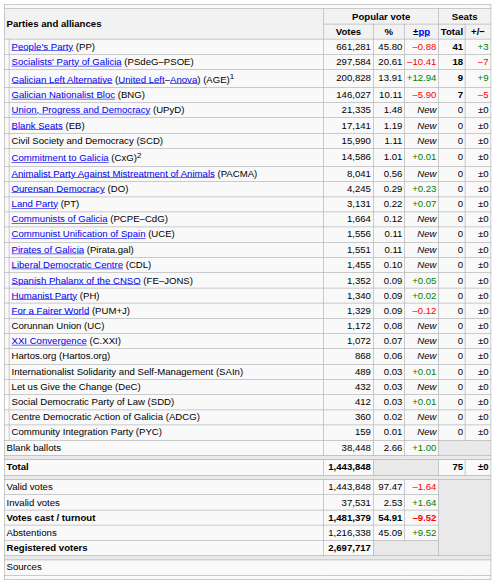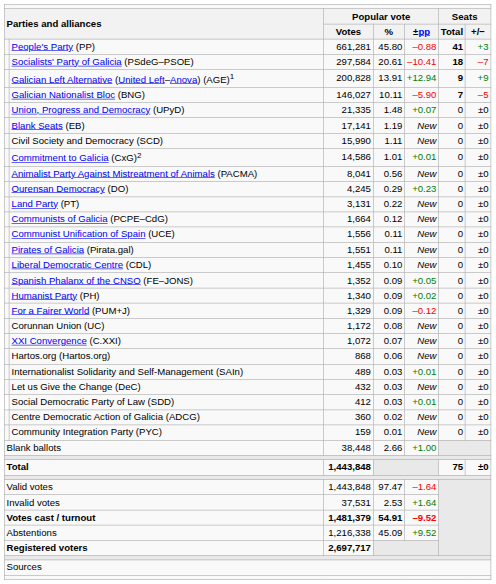 <table class="wikitable" style="text-align:right;">
 <tr>
 <td colspan="7"></td>
 </tr>
 <tr>
 <th style="text-align:left;" rowspan="2" colspan="2" width="525">Parties and alliances</th>
 <th colspan="3">Popular vote</th>
 <th colspan="2">Seats</th>
 </tr>
 <tr>
 <th width="75">Votes</th>
 <th width="45">%</th>
 <th width="45">±<a href='#'>pp</a></th>
 <th width="35">Total</th>
 <th width="35">+/−</th>
 </tr>
 <tr>
 <td width="1" style="color:inherit;background:"></td>
 <td align="left"><a href='#'>People's Party</a> (PP)</td>
 <td>661,281</td>
 <td>45.80</td>
 <td style="color:red;">–0.88</td>
 <td><strong>41</strong></td>
 <td style="color:green;">+3</td>
 </tr>
 <tr>
 <td style="color:inherit;background:"></td>
 <td align="left"><a href='#'>Socialists' Party of Galicia</a> (PSdeG–PSOE)</td>
 <td>297,584</td>
 <td>20.61</td>
 <td style="color:red;">–10.41</td>
 <td><strong>18</strong></td>
 <td style="color:red;">–7</td>
 </tr>
 <tr>
 <td style="color:inherit;background:"></td>
 <td align="left"><a href='#'>Galician Left Alternative</a> (<a href='#'>United Left</a>–<a href='#'>Anova</a>) (AGE)<sup>1</sup></td>
 <td>200,828</td>
 <td>13.91</td>
 <td style="color:green;">+12.94</td>
 <td><strong>9</strong></td>
 <td style="color:green;">+9</td>
 </tr>
 <tr>
 <td style="color:inherit;background:"></td>
 <td align="left"><a href='#'>Galician Nationalist Bloc</a> (BNG)</td>
 <td>146,027</td>
 <td>10.11</td>
 <td style="color:red;">–5.90</td>
 <td><strong>7</strong></td>
 <td style="color:red;">–5</td>
 </tr>
 <tr>
 <td style="color:inherit;background:"></td>
 <td align="left"><a href='#'>Union, Progress and Democracy</a> (UPyD)</td>
 <td>21,335</td>
 <td>1.48</td>
-<td><em>New</em></td>
+<td style="color:green;">+0.07</td>
 <td>0</td>
 <td>±0</td>
 </tr>
 <tr>
 <td style="color:inherit;background:"></td>
 <td align="left"><a href='#'>Blank Seats</a> (EB)</td>
 <td>17,141</td>
 <td>1.19</td>
 <td><em>New</em></td>
 <td>0</td>
 <td>±0</td>
 </tr>
 <tr>
 <td style="color:inherit;background:"></td>
 <td align="left">Civil Society and Democracy (SCD)</td>
 <td>15,990</td>
 <td>1.11</td>
 <td><em>New</em></td>
 <td>0</td>
 <td>±0</td>
 </tr>
 <tr>
 <td style="color:inherit;background:"></td>
 <td align="left"><a href='#'>Commitment to Galicia</a> (CxG)<sup>2</sup></td>
 <td>14,586</td>
 <td>1.01</td>
 <td style="color:green;">+0.01</td>
 <td>0</td>
 <td>±0</td>
 </tr>
 <tr>
 <td style="color:inherit;background:"></td>
 <td align="left"><a href='#'>Animalist Party Against Mistreatment of Animals</a> (PACMA)</td>
 <td>8,041</td>
 <td>0.56</td>
 <td><em>New</em></td>
 <td>0</td>
 <td>±0</td>
 </tr>
 <tr>
 <td style="color:inherit;background:"></td>
 <td align="left"><a href='#'>Ourensan Democracy</a> (DO)</td>
 <td>4,245</td>
 <td>0.29</td>
 <td style="color:green;">+0.23</td>
 <td>0</td>
 <td>±0</td>
 </tr>
 <tr>
 <td style="color:inherit;background:"></td>
 <td align="left"><a href='#'>Land Party</a> (PT)</td>
 <td>3,131</td>
 <td>0.22</td>
-<td style="color:green;">+0.07</td>
+<td><em>New</em></td>
 <td>0</td>
 <td>±0</td>
 </tr>
 <tr>
 <td style="color:inherit;background:"></td>
 <td align="left"><a href='#'>Communists of Galicia</a> (PCPE–CdG)</td>
 <td>1,664</td>
 <td>0.12</td>
 <td><em>New</em></td>
 <td>0</td>
 <td>±0</td>
 </tr>
 <tr>
 <td style="color:inherit;background:"></td>
 <td align="left"><a href='#'>Communist Unification of Spain</a> (UCE)</td>
 <td>1,556</td>
 <td>0.11</td>
 <td><em>New</em></td>
 <td>0</td>
 <td>±0</td>
 </tr>
 <tr>
 <td style="color:inherit;background:"></td>
 <td align="left"><a href='#'>Pirates of Galicia</a> (Pirata.gal)</td>
 <td>1,551</td>
 <td>0.11</td>
 <td><em>New</em></td>
 <td>0</td>
 <td>±0</td>
 </tr>
 <tr>
 <td style="color:inherit;background:"></td>
 <td align="left"><a href='#'>Liberal Democratic Centre</a> (CDL)</td>
 <td>1,455</td>
 <td>0.10</td>
 <td><em>New</em></td>
 <td>0</td>
 <td>±0</td>
 </tr>
 <tr>
 <td style="color:inherit;background:"></td>
 <td align="left"><a href='#'>Spanish Phalanx of the CNSO</a> (FE–JONS)</td>
 <td>1,352</td>
 <td>0.09</td>
 <td style="color:green;">+0.05</td>
 <td>0</td>
 <td>±0</td>
 </tr>
 <tr>
 <td style="color:inherit;background:"></td>
 <td align="left"><a href='#'>Humanist Party</a> (PH)</td>
 <td>1,340</td>
 <td>0.09</td>
 <td style="color:green;">+0.02</td>
 <td>0</td>
 <td>±0</td>
 </tr>
 <tr>
 <td style="color:inherit;background:"></td>
 <td align="left"><a href='#'>For a Fairer World</a> (PUM+J)</td>
 <td>1,329</td>
 <td>0.09</td>
 <td style="color:red;">–0.12</td>
 <td>0</td>
 <td>±0</td>
 </tr>
 <tr>
 <td style="color:inherit;background:"></td>
 <td align="left">Corunnan Union (UC)</td>
 <td>1,172</td>
 <td>0.08</td>
 <td><em>New</em></td>
 <td>0</td>
 <td>±0</td>
 </tr>
 <tr>
 <td style="color:inherit;background:"></td>
 <td align="left"><a href='#'>XXI Convergence</a> (C.XXI)</td>
 <td>1,072</td>
 <td>0.07</td>
 <td><em>New</em></td>
 <td>0</td>
 <td>±0</td>
 </tr>
 <tr>
 <td style="color:inherit;background:"></td>
 <td align="left">Hartos.org (Hartos.org)</td>
 <td>868</td>
 <td>0.06</td>
 <td><em>New</em></td>
 <td>0</td>
 <td>±0</td>
 </tr>
 <tr>
 <td style="color:inherit;background:"></td>
 <td align="left">Internationalist Solidarity and Self-Management (SAIn)</td>
 <td>489</td>
 <td>0.03</td>
 <td style="color:green;">+0.01</td>
 <td>0</td>
 <td>±0</td>
 </tr>
 <tr>
 <td style="color:inherit;background:"></td>
 <td align="left">Let us Give the Change (DeC)</td>
 <td>432</td>
 <td>0.03</td>
 <td><em>New</em></td>
 <td>0</td>
 <td>±0</td>
 </tr>
 <tr>
 <td bgcolor="white"></td>
 <td align="left">Social Democratic Party of Law (SDD)</td>
 <td>412</td>
 <td>0.03</td>
 <td style="color:green;">+0.01</td>
 <td>0</td>
 <td>±0</td>
 </tr>
 <tr>
 <td style="color:inherit;background:"></td>
 <td align="left">Centre Democratic Action of Galicia (ADCG)</td>
 <td>360</td>
 <td>0.02</td>
 <td><em>New</em></td>
 <td>0</td>
 <td>±0</td>
 </tr>
 <tr>
 <td style="color:inherit;background:"></td>
 <td align="left">Community Integration Party (PYC)</td>
 <td>159</td>
 <td>0.01</td>
 <td><em>New</em></td>
 <td>0</td>
 <td>±0</td>
 </tr>
 <tr>
 <td align="left" colspan="2">Blank ballots</td>
 <td>38,448</td>
 <td>2.66</td>
 <td style="color:green;">+1.00</td>
 <td bgcolor="#E9E9E9" colspan="2"></td>
 </tr>
 <tr>
 <td colspan="7" bgcolor="#E9E9E9"></td>
 </tr>
 <tr style="font-weight:bold;">
 <td align="left" colspan="2">Total</td>
 <td>1,443,848</td>
 <td bgcolor="#E9E9E9" colspan="2"></td>
 <td>75</td>
 <td>±0</td>
 </tr>
 <tr>
 <td colspan="7" bgcolor="#E9E9E9"></td>
 </tr>
 <tr>
 <td align="left" colspan="2">Valid votes</td>
 <td>1,443,848</td>
 <td>97.47</td>
 <td style="color:red;">–1.64</td>
 <td bgcolor="#E9E9E9" colspan="2" rowspan="5"></td>
 </tr>
 <tr>
 <td align="left" colspan="2">Invalid votes</td>
 <td>37,531</td>
 <td>2.53</td>
 <td style="color:green;">+1.64</td>
 </tr>
 <tr style="font-weight:bold;">
 <td align="left" colspan="2">Votes cast / turnout</td>
 <td>1,481,379</td>
 <td>54.91</td>
 <td style="color:red;">–9.52</td>
 </tr>
 <tr>
 <td align="left" colspan="2">Abstentions</td>
 <td>1,216,338</td>
 <td>45.09</td>
 <td style="color:green;">+9.52</td>
 </tr>
 <tr style="font-weight:bold;">
 <td align="left" colspan="2">Registered voters</td>
 <td>2,697,717</td>
 <td bgcolor="#E9E9E9" colspan="2"></td>
 </tr>
 <tr>
 <td colspan="7" bgcolor="#E9E9E9"></td>
 </tr>
 <tr>
 <td align="left" colspan="7">Sources</td>
 </tr>
 <tr>
 <td colspan="7" style="text-align:left; max-width:790px;"></td>
 </tr>
 </table>
